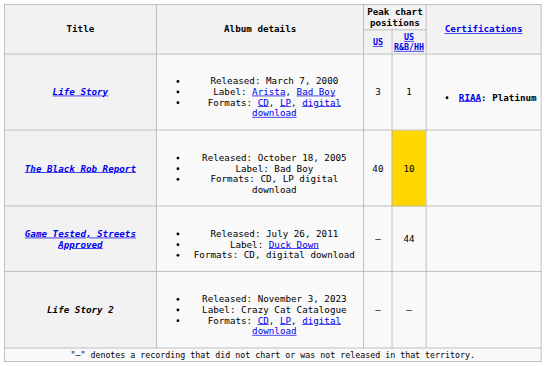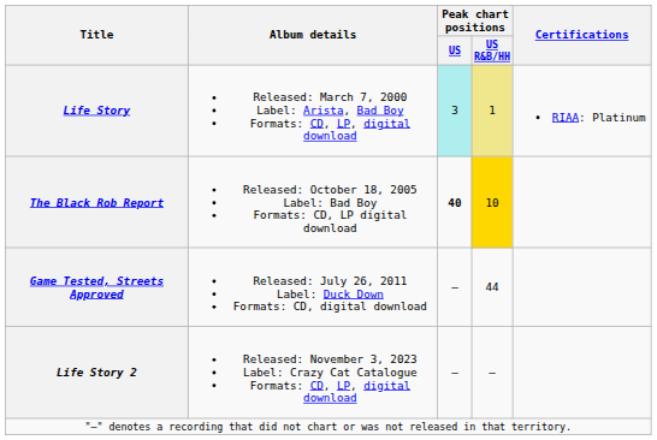 <table class="wikitable plainrowheaders" style="text-align:center;" border="1">
 <tr>
 <th scope="col" rowspan="2" style="width:16em;">Title</th>
 <th scope="col" rowspan="2" style="width:22em;">Album details</th>
 <th scope="col" colspan="2">Peak chart positions</th>
 <th scope="col" rowspan="2" style="width:12em;"><a href='#'>Certifications</a></th>
 </tr>
 <tr>
 <th scope="col" style="width:2.9em;font-size:90%;"><a href='#'>US</a><br></th>
 <th scope="col" style="width:2.9em;font-size:90%;"><a href='#'>US<br>R&B/HH</a><br></th>
 </tr>
 <tr>
 <th scope="row"><em><a href='#'>Life Story</a></em></th>
 <td><br><ul><li>Released: March 7, 2000</li><li>Label: <a href='#'>Arista</a>, <a href='#'>Bad Boy</a></li><li>Formats: <a href='#'>CD</a>, <a href='#'>LP</a>, <a href='#'>digital download</a></li></ul></td>
-<td>3</td>
-<td>1</td>
-<td><strong><br><ul><li><a href='#'>RIAA</a>: Platinum</li></ul></strong></td>
+<td style="background: paleturquoise;">3</td>
+<td style="background: khaki;">1</td>
+<td><br><ul><li><a href='#'>RIAA</a>: Platinum</li></ul></td>
 </tr>
 <tr>
 <th scope="row"><em><a href='#'>The Black Rob Report</a></em></th>
 <td><br><ul><li>Released: October 18, 2005</li><li>Label: Bad Boy</li><li>Formats: CD, LP digital download</li></ul></td>
-<td>40</td>
+<td><strong>40</strong></td>
 <td style="background: gold;">10</td>
 <td></td>
 </tr>
 <tr>
 <th scope="row"><em><a href='#'>Game Tested, Streets Approved</a></em></th>
 <td><br><ul><li>Released: July 26, 2011</li><li>Label: <a href='#'>Duck Down</a></li><li>Formats: CD, digital download</li></ul></td>
 <td>—</td>
 <td>44</td>
 <td></td>
 </tr>
 <tr>
 <th scope="row"><em>Life Story 2</em></th>
 <td><br><ul><li>Released: November 3, 2023</li><li>Label: Crazy Cat Catalogue</li><li>Formats: <a href='#'>CD</a>, <a href='#'>LP</a>, <a href='#'>digital download</a></li></ul></td>
 <td>—</td>
 <td>—</td>
 <td></td>
 </tr>
 <tr>
 <td colspan="14" style="font-size:90%">"—" denotes a recording that did not chart or was not released in that territory.</td>
 </tr>
 </table>
